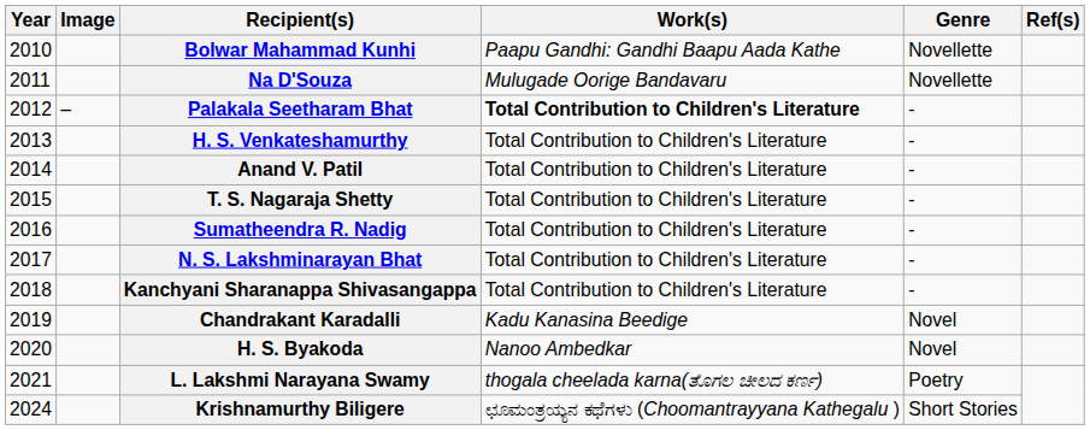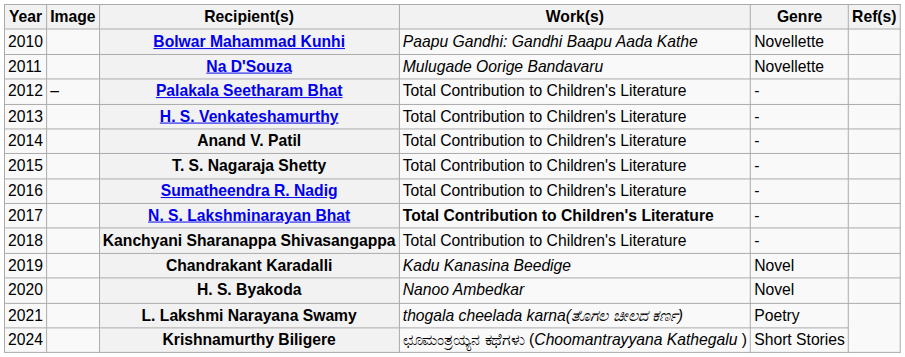 <table class="wikitable plainrowheaders sortable">
 <tr>
 <th scope="col">Year</th>
 <th scope="col">Image</th>
 <th scope="col">Recipient(s)</th>
 <th scope="col">Work(s)</th>
 <th scope="col">Genre</th>
 <th scope="col">Ref(s)</th>
 </tr>
 <tr>
 <td>2010</td>
 <td></td>
 <th><a href='#'>Bolwar Mahammad Kunhi</a></th>
 <td><em>Paapu Gandhi: Gandhi Baapu Aada Kathe</em></td>
 <td>Novellette</td>
 <td></td>
 </tr>
 <tr>
 <td>2011</td>
 <td></td>
 <th><a href='#'>Na D'Souza</a></th>
 <td><em>Mulugade Oorige Bandavaru</em></td>
 <td>Novellette</td>
 <td></td>
 </tr>
 <tr>
 <td>2012</td>
 <td>–</td>
 <th><a href='#'>Palakala Seetharam Bhat</a></th>
-<td><strong>Total Contribution to Children's Literature</strong></td>
+<td>Total Contribution to Children's Literature</td>
 <td>-</td>
 <td></td>
 </tr>
 <tr>
 <td>2013</td>
 <td></td>
 <th><a href='#'>H. S. Venkateshamurthy</a></th>
 <td>Total Contribution to Children's Literature</td>
 <td>-</td>
 <td></td>
 </tr>
 <tr>
 <td>2014</td>
 <td></td>
 <th>Anand V. Patil</th>
 <td>Total Contribution to Children's Literature</td>
 <td>-</td>
 <td></td>
 </tr>
 <tr>
 <td>2015</td>
 <td></td>
 <th>T. S. Nagaraja Shetty</th>
 <td>Total Contribution to Children's Literature</td>
 <td>-</td>
 <td></td>
 </tr>
 <tr>
 <td>2016</td>
 <td></td>
 <th><a href='#'>Sumatheendra R. Nadig</a></th>
 <td>Total Contribution to Children's Literature</td>
 <td>-</td>
 <td></td>
 </tr>
 <tr>
 <td>2017</td>
 <td></td>
 <th><a href='#'>N. S. Lakshminarayan Bhat</a></th>
-<td>Total Contribution to Children's Literature</td>
+<td><strong>Total Contribution to Children's Literature</strong></td>
 <td>-</td>
 <td></td>
 </tr>
 <tr>
 <td>2018</td>
 <td></td>
 <th>Kanchyani Sharanappa Shivasangappa</th>
 <td>Total Contribution to Children's Literature</td>
 <td>-</td>
 <td></td>
 </tr>
 <tr>
 <td>2019</td>
 <td></td>
 <th>Chandrakant Karadalli</th>
 <td><em>Kadu Kanasina Beedige</em></td>
 <td>Novel</td>
 <td></td>
 </tr>
 <tr>
 <td>2020</td>
 <td></td>
 <th>H. S. Byakoda</th>
 <td><em>Nanoo Ambedkar</em></td>
 <td>Novel</td>
 <td></td>
 </tr>
 <tr>
 <td>2021</td>
 <td></td>
 <th>L. Lakshmi Narayana Swamy</th>
 <td><em>thogala cheelada karna(ತೊಗಲ ಚೀಲದ ಕರ್ಣ)</em></td>
 <td>Poetry</td>
 </tr>
 <tr>
 <td>2024</td>
 <td></td>
 <th>Krishnamurthy Biligere</th>
 <td>ಛೂಮಂತ್ರಯ್ಯನ ಕಥೆಗಳು (<em>Choomantrayyana Kathegalu</em> )</td>
 <td>Short Stories</td>
 </tr>
 </table>
